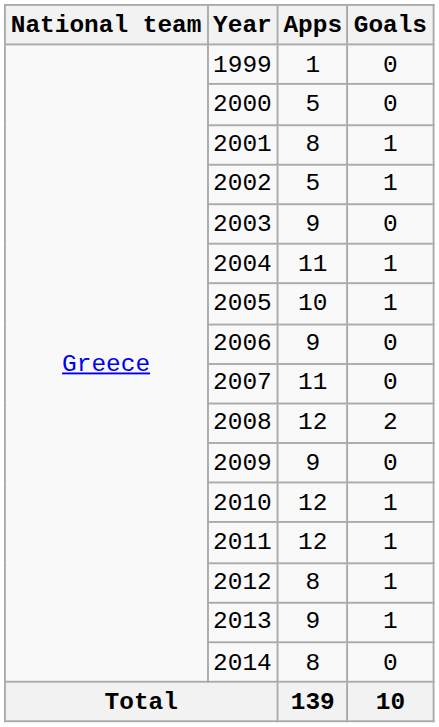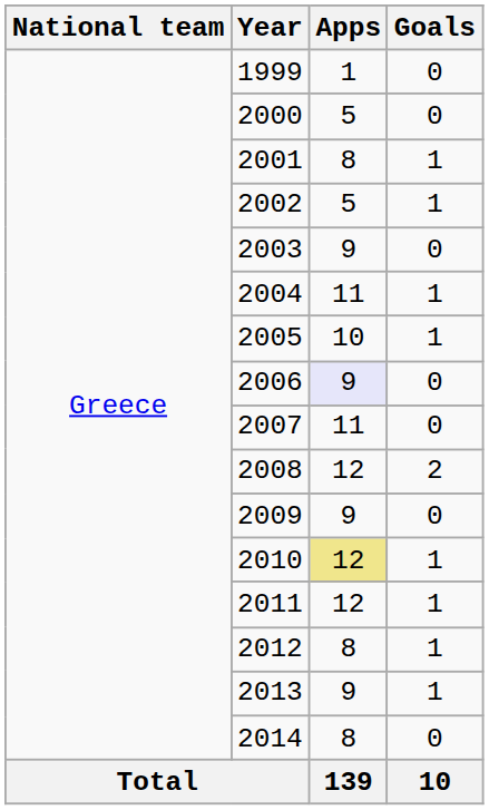 <table class="wikitable" style="text-align:center">
 <tr>
 <th>National team</th>
 <th>Year</th>
 <th>Apps</th>
 <th>Goals</th>
 </tr>
 <tr>
 <td rowspan="16"><a href='#'>Greece</a></td>
 <td>1999</td>
 <td>1</td>
 <td>0</td>
 </tr>
 <tr>
 <td>2000</td>
 <td>5</td>
 <td>0</td>
 </tr>
 <tr>
 <td>2001</td>
 <td>8</td>
 <td>1</td>
 </tr>
 <tr>
 <td>2002</td>
 <td>5</td>
 <td>1</td>
 </tr>
 <tr>
 <td>2003</td>
 <td>9</td>
 <td>0</td>
 </tr>
 <tr>
 <td>2004</td>
 <td>11</td>
 <td>1</td>
 </tr>
 <tr>
 <td>2005</td>
 <td>10</td>
 <td>1</td>
 </tr>
 <tr>
 <td>2006</td>
-<td>9</td>
+<td style="background: lavender;">9</td>
 <td>0</td>
 </tr>
 <tr>
 <td>2007</td>
 <td>11</td>
 <td>0</td>
 </tr>
 <tr>
 <td>2008</td>
 <td>12</td>
 <td>2</td>
 </tr>
 <tr>
 <td>2009</td>
 <td>9</td>
 <td>0</td>
 </tr>
 <tr>
 <td>2010</td>
-<td>12</td>
+<td style="background: khaki;">12</td>
 <td>1</td>
 </tr>
 <tr>
 <td>2011</td>
 <td>12</td>
 <td>1</td>
 </tr>
 <tr>
 <td>2012</td>
 <td>8</td>
 <td>1</td>
 </tr>
 <tr>
 <td>2013</td>
 <td>9</td>
 <td>1</td>
 </tr>
 <tr>
 <td>2014</td>
 <td>8</td>
 <td>0</td>
 </tr>
 <tr>
 <th colspan="2">Total</th>
 <th>139</th>
 <th>10</th>
 </tr>
 </table>
